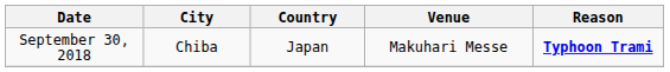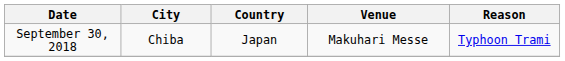 <table class="wikitable" style="text-align:center;">
 <tr>
 <th scope="col" style="width:12em;">Date</th>
 <th scope="col" style="width:10em;">City</th>
 <th scope="col" style="width:10em;">Country</th>
 <th scope="col" style="width:16em;">Venue</th>
 <th scope="col" style="width:12em;">Reason</th>
 </tr>
 <tr>
 <td>September 30, 2018</td>
 <td>Chiba</td>
 <td>Japan</td>
 <td>Makuhari Messe</td>
-<td><strong><a href='#'>Typhoon Trami</a></strong></td>
+<td><a href='#'>Typhoon Trami</a></td>
 </tr>
 <tr>
 </tr>
 </table>
